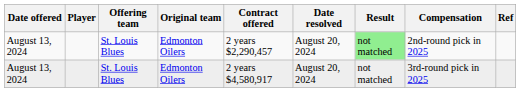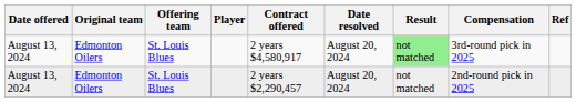 <table class="wikitable sortable" style="border:1px solid #999999; width:800px;">
 <tr>
 <th>Date offered</th>
+<th>Original team</th>
+<th>Offering team</th>
 <th>Player</th>
-<th>Offering team</th>
-<th>Original team</th>
 <th>Contract offered</th>
 <th>Date resolved</th>
 <th>Result</th>
 <th>Compensation</th>
 <th>Ref</th>
 </tr>
 <tr>
 <td>August 13, 2024</td>
+<td><a href='#'>Edmonton Oilers</a></td>
+<td><a href='#'>St. Louis Blues</a></td>
 <td></td>
-<td><a href='#'>St. Louis Blues</a></td>
-<td><a href='#'>Edmonton Oilers</a></td>
-<td>2 years<br>$2,290,457</td>
+<td>2 years<br>$4,580,917</td>
 <td>August 20, 2024</td>
 <td style="background: lightgreen;">not matched</td>
-<td>2nd-round pick in <a href='#'>2025</a></td>
+<td>3rd-round pick in <a href='#'>2025</a></td>
 <td></td>
 </tr>
 <tr bgcolor="eeeeee">
 <td>August 13, 2024</td>
+<td><a href='#'>Edmonton Oilers</a></td>
+<td><a href='#'>St. Louis Blues</a></td>
 <td></td>
-<td><a href='#'>St. Louis Blues</a></td>
-<td><a href='#'>Edmonton Oilers</a></td>
-<td>2 years<br>$4,580,917</td>
+<td>2 years<br>$2,290,457</td>
 <td>August 20, 2024</td>
 <td>not matched</td>
-<td>3rd-round pick in <a href='#'>2025</a></td>
+<td>2nd-round pick in <a href='#'>2025</a></td>
 <td></td>
 </tr>
 </table>
